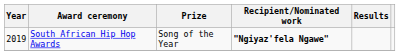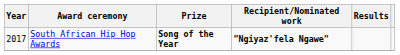 <table class="wikitable">
 <tr>
 <th>Year</th>
 <th>Award ceremony</th>
 <th>Prize</th>
 <th>Recipient/Nominated work</th>
 <th>Results</th>
 <th></th>
 </tr>
 <tr>
-<td>2019</td>
+<td>2017</td>
 <td><a href='#'>South African Hip Hop Awards</a></td>
-<td>Song of the Year</td>
+<td><strong>Song of the Year</strong></td>
 <td><strong>"Ngiyaz'fela Ngawe"</strong></td>
 <td></td>
 <td></td>
 </tr>
 <tr>
 </tr>
 </table>
